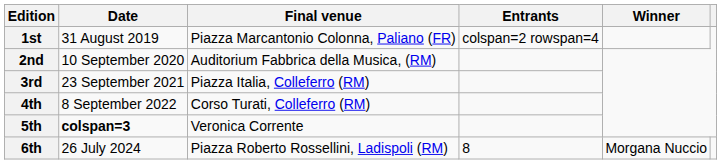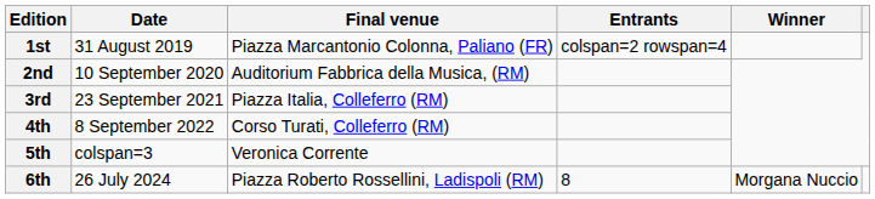 <table class="wikitable defaultcenter col2left col3left col5left" style="font-size:95%;">
 <tr>
 <th>Edition</th>
 <th>Date</th>
 <th>Final venue</th>
 <th>Entrants</th>
 <th>Winner</th>
 <th></th>
 </tr>
 <tr>
 <th>1st</th>
 <td>31 August 2019</td>
 <td>Piazza Marcantonio Colonna, <a href='#'>Paliano</a> (<a href='#'>FR</a>)</td>
 <td>colspan=2 rowspan=4 </td>
 <td></td>
 </tr>
 <tr>
 <th>2nd</th>
 <td>10 September 2020</td>
 <td>Auditorium Fabbrica della Musica,  (<a href='#'>RM</a>)</td>
 <td></td>
 </tr>
 <tr>
 <th>3rd</th>
 <td>23 September 2021</td>
 <td>Piazza Italia, <a href='#'>Colleferro</a> (<a href='#'>RM</a>)</td>
 <td></td>
 </tr>
 <tr>
 <th>4th</th>
 <td>8 September 2022</td>
 <td>Corso Turati, <a href='#'>Colleferro</a> (<a href='#'>RM</a>)</td>
 <td></td>
 </tr>
 <tr>
 <th>5th</th>
-<td><strong>colspan=3 </strong></td>
+<td>colspan=3 </td>
 <td>Veronica Corrente</td>
 <td></td>
 </tr>
 <tr>
 <th>6th</th>
 <td>26 July 2024</td>
 <td>Piazza Roberto Rossellini, <a href='#'>Ladispoli</a> (<a href='#'>RM</a>)</td>
 <td>8</td>
 <td>Morgana Nuccio</td>
 <td></td>
 </tr>
 </table>
